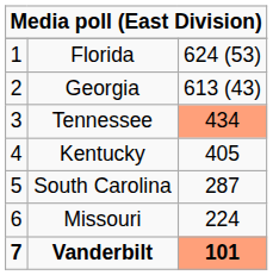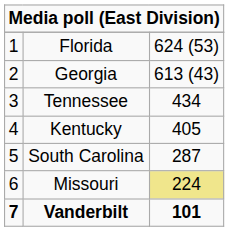 <table class="wikitable" style="display: inline-table;">
 <tr>
 <td align="center" Colspan="3"><strong>Media poll (East Division)</strong></td>
 </tr>
 <tr align="center">
 </tr>
 <tr align="center">
 <td>1</td>
 <td>Florida</td>
 <td>624 (53)</td>
 </tr>
 <tr align="center">
 <td>2</td>
 <td>Georgia</td>
 <td>613 (43)</td>
 </tr>
 <tr align="center">
 <td>3</td>
 <td>Tennessee</td>
-<td style="background: lightsalmon;">434</td>
+<td>434</td>
 </tr>
 <tr align="center">
 <td>4</td>
 <td>Kentucky</td>
 <td>405</td>
 </tr>
 <tr align="center">
 <td>5</td>
 <td>South Carolina</td>
 <td>287</td>
 </tr>
 <tr align="center">
 <td>6</td>
 <td>Missouri</td>
-<td>224</td>
+<td style="background: khaki;">224</td>
 </tr>
 <tr align="center">
 <td><strong>7</strong></td>
 <td><strong>Vanderbilt</strong></td>
-<td style="background: lightsalmon;"><strong>101</strong></td>
+<td><strong>101</strong></td>
 </tr>
 </table>
